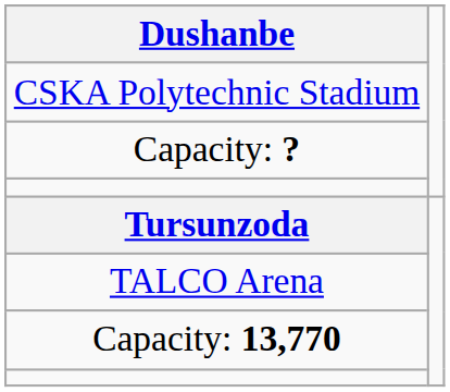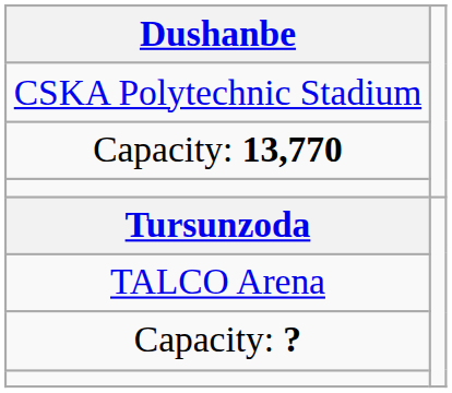 <table class="wikitable" style="text-align:center">
 <tr>
 <th><a href='#'>Dushanbe</a></th>
 <td rowspan=4></td>
 </tr>
 <tr>
 <td><a href='#'>CSKA Polytechnic Stadium</a></td>
 </tr>
 <tr>
-<td>Capacity: <strong>?</strong></td>
+<td>Capacity: <strong>13,770</strong></td>
 </tr>
 <tr>
 <td></td>
 </tr>
 <tr>
 <th><a href='#'>Tursunzoda</a></th>
 <td rowspan=4></td>
 </tr>
 <tr>
 <td><a href='#'>TALCO Arena</a></td>
 </tr>
 <tr>
-<td>Capacity: <strong>13,770</strong></td>
+<td>Capacity: <strong>?</strong></td>
 </tr>
 <tr>
 <td></td>
 </tr>
 </table>
